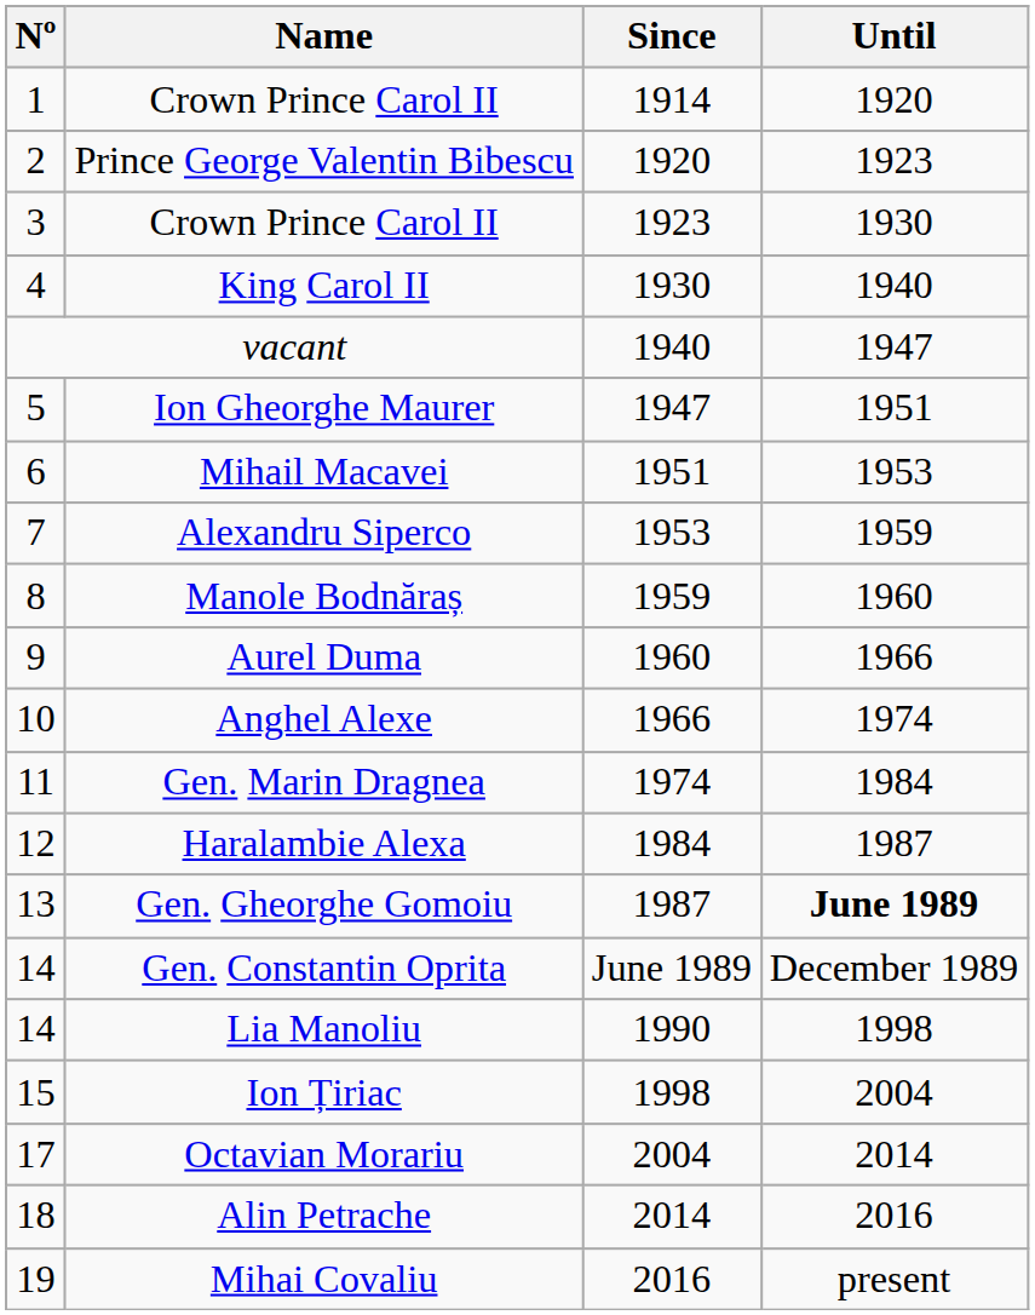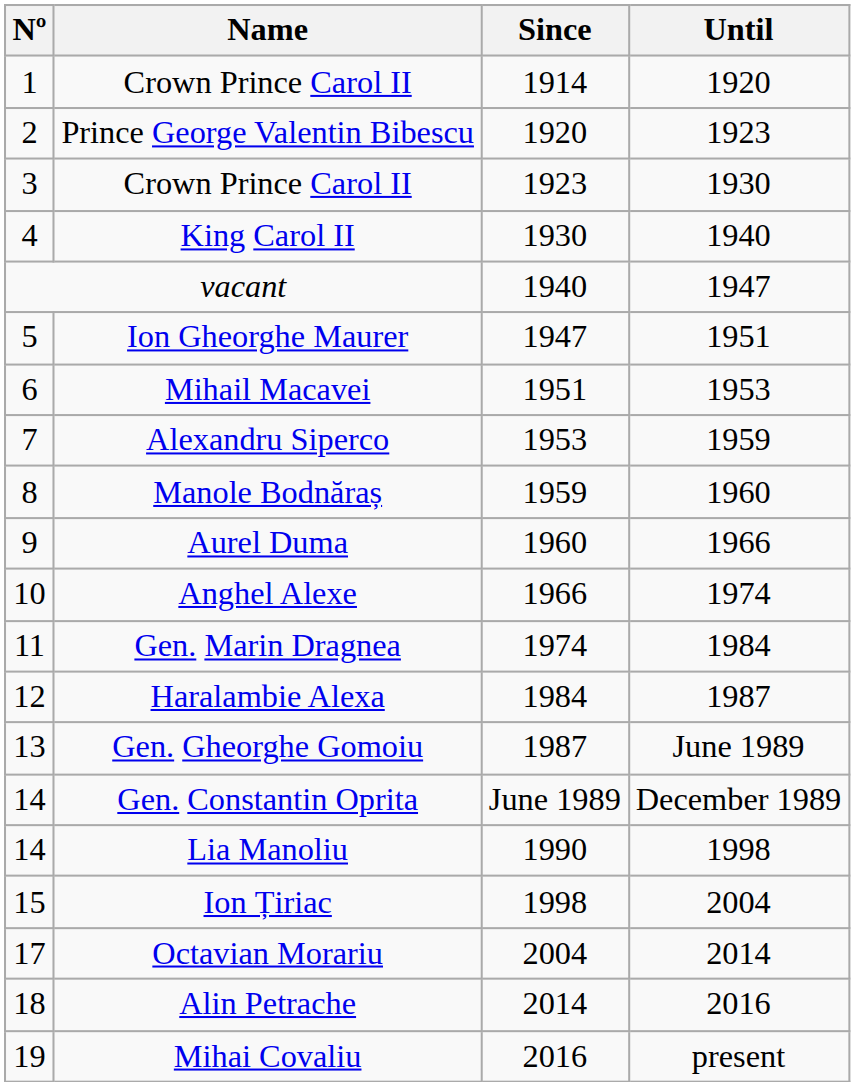 <table class="wikitable" style="text-align:center">
 <tr>
 <th>Nº</th>
 <th>Name</th>
 <th>Since</th>
 <th>Until</th>
 </tr>
 <tr>
 <td>1</td>
 <td>Crown Prince <a href='#'>Carol II</a></td>
 <td>1914</td>
 <td>1920</td>
 </tr>
 <tr>
 <td>2</td>
 <td>Prince <a href='#'>George Valentin Bibescu</a></td>
 <td>1920</td>
 <td>1923</td>
 </tr>
 <tr>
 <td>3</td>
 <td>Crown Prince <a href='#'>Carol II</a></td>
 <td>1923</td>
 <td>1930</td>
 </tr>
 <tr>
 <td>4</td>
 <td><a href='#'>King</a> <a href='#'>Carol II</a></td>
 <td>1930</td>
 <td>1940</td>
 </tr>
 <tr>
 <td colspan=2><em>vacant</em></td>
 <td>1940</td>
 <td>1947</td>
 </tr>
 <tr>
 <td>5</td>
 <td><a href='#'>Ion Gheorghe Maurer</a></td>
 <td>1947</td>
 <td>1951</td>
 </tr>
 <tr>
 <td>6</td>
 <td><a href='#'>Mihail Macavei</a></td>
 <td>1951</td>
 <td>1953</td>
 </tr>
 <tr>
 <td>7</td>
 <td><a href='#'>Alexandru Siperco</a></td>
 <td>1953</td>
 <td>1959</td>
 </tr>
 <tr>
 <td>8</td>
 <td><a href='#'>Manole Bodnăraș</a></td>
 <td>1959</td>
 <td>1960</td>
 </tr>
 <tr>
 <td>9</td>
 <td><a href='#'>Aurel Duma</a></td>
 <td>1960</td>
 <td>1966</td>
 </tr>
 <tr>
 <td>10</td>
 <td><a href='#'>Anghel Alexe</a></td>
 <td>1966</td>
 <td>1974</td>
 </tr>
 <tr>
 <td>11</td>
 <td><a href='#'>Gen.</a> <a href='#'>Marin Dragnea</a></td>
 <td>1974</td>
 <td>1984</td>
 </tr>
 <tr>
 <td>12</td>
 <td><a href='#'>Haralambie Alexa</a></td>
 <td>1984</td>
 <td>1987</td>
 </tr>
 <tr>
 <td>13</td>
 <td><a href='#'>Gen.</a> <a href='#'>Gheorghe Gomoiu</a></td>
 <td>1987</td>
-<td><strong>June 1989</strong></td>
+<td>June 1989</td>
 </tr>
 <tr>
 <td>14</td>
 <td><a href='#'>Gen.</a> <a href='#'>Constantin Oprita</a></td>
 <td>June 1989</td>
 <td>December 1989</td>
 </tr>
 <tr>
 <td>14</td>
 <td><a href='#'>Lia Manoliu</a></td>
 <td>1990</td>
 <td>1998</td>
 </tr>
 <tr>
 <td>15</td>
 <td><a href='#'>Ion Țiriac</a></td>
 <td>1998</td>
 <td>2004</td>
 </tr>
 <tr>
 <td>17</td>
 <td><a href='#'>Octavian Morariu</a></td>
 <td>2004</td>
 <td>2014</td>
 </tr>
 <tr>
 <td>18</td>
 <td><a href='#'>Alin Petrache</a></td>
 <td>2014</td>
 <td>2016</td>
 </tr>
 <tr>
 <td>19</td>
 <td><a href='#'>Mihai Covaliu</a></td>
 <td>2016</td>
 <td>present</td>
 </tr>
 </table>
